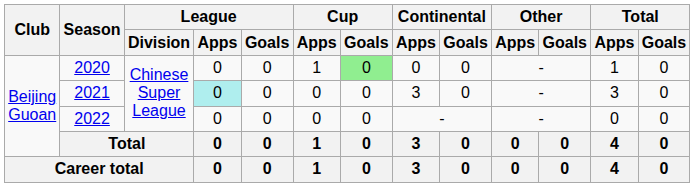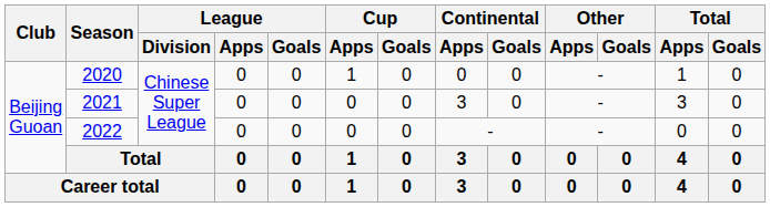 <table class="wikitable" style="text-align: center">
 <tr>
 <th rowspan="2">Club</th>
 <th rowspan="2">Season</th>
 <th colspan="3">League</th>
 <th colspan="2">Cup</th>
 <th colspan="2">Continental</th>
 <th colspan="2">Other</th>
 <th colspan="2">Total</th>
 </tr>
 <tr>
 <th>Division</th>
 <th>Apps</th>
 <th>Goals</th>
 <th>Apps</th>
 <th>Goals</th>
 <th>Apps</th>
 <th>Goals</th>
 <th>Apps</th>
 <th>Goals</th>
 <th>Apps</th>
 <th>Goals</th>
 </tr>
 <tr>
 <td rowspan="4"><a href='#'>Beijing Guoan</a></td>
 <td><a href='#'>2020</a></td>
 <td rowspan="3"><a href='#'>Chinese Super League</a></td>
 <td>0</td>
 <td>0</td>
 <td>1</td>
-<td style="background: lightgreen;">0</td>
+<td>0</td>
 <td>0</td>
 <td>0</td>
 <td colspan="2">-</td>
 <td>1</td>
 <td>0</td>
 </tr>
 <tr>
 <td><a href='#'>2021</a></td>
-<td style="background: paleturquoise;">0</td>
+<td>0</td>
 <td>0</td>
 <td>0</td>
 <td>0</td>
 <td>3</td>
 <td>0</td>
 <td colspan="2">-</td>
 <td>3</td>
 <td>0</td>
 </tr>
 <tr>
 <td><a href='#'>2022</a></td>
 <td>0</td>
 <td>0</td>
 <td>0</td>
 <td>0</td>
 <td colspan="2">-</td>
 <td colspan="2">-</td>
 <td>0</td>
 <td>0</td>
 </tr>
 <tr>
 <th colspan=2>Total</th>
 <th>0</th>
 <th>0</th>
 <th>1</th>
 <th>0</th>
 <th>3</th>
 <th>0</th>
 <th>0</th>
 <th>0</th>
 <th>4</th>
 <th>0</th>
 </tr>
 <tr>
 <th colspan=3>Career total</th>
 <th>0</th>
 <th>0</th>
 <th>1</th>
 <th>0</th>
 <th>3</th>
 <th>0</th>
 <th>0</th>
 <th>0</th>
 <th>4</th>
 <th>0</th>
 </tr>
 </table>
